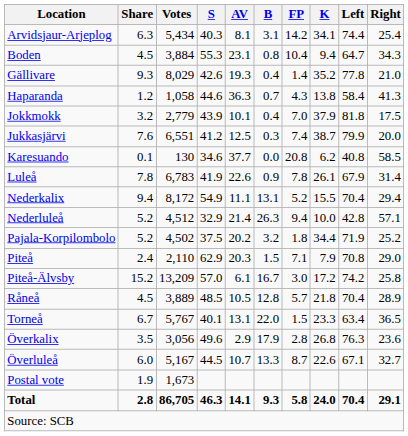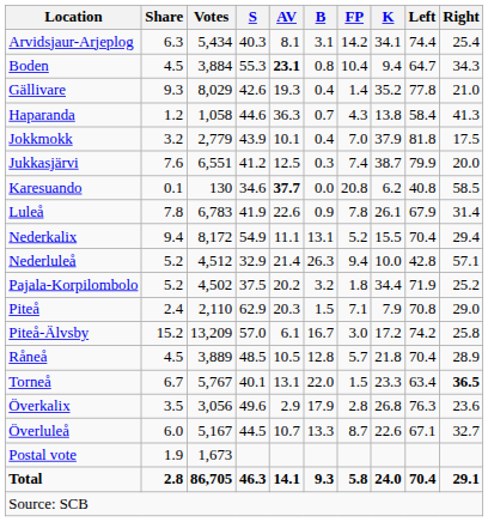 <table class="wikitable sortable" style=text-align:right>
 <tr>
 <th>Location</th>
 <th>Share</th>
 <th>Votes</th>
 <th><a href='#'>S</a></th>
 <th><a href='#'>AV</a></th>
 <th><a href='#'>B</a></th>
 <th><a href='#'>FP</a></th>
 <th><a href='#'>K</a></th>
 <th>Left</th>
 <th>Right</th>
 </tr>
 <tr>
 <td align=left><a href='#'>Arvidsjaur-Arjeplog</a></td>
 <td>6.3</td>
 <td>5,434</td>
 <td>40.3</td>
 <td>8.1</td>
 <td>3.1</td>
 <td>14.2</td>
 <td>34.1</td>
 <td>74.4</td>
 <td>25.4</td>
 </tr>
 <tr>
 <td align=left><a href='#'>Boden</a></td>
 <td>4.5</td>
 <td>3,884</td>
 <td>55.3</td>
-<td>23.1</td>
+<td><strong>23.1</strong></td>
 <td>0.8</td>
 <td>10.4</td>
 <td>9.4</td>
 <td>64.7</td>
 <td>34.3</td>
 </tr>
 <tr>
 <td align=left><a href='#'>Gällivare</a></td>
 <td>9.3</td>
 <td>8,029</td>
 <td>42.6</td>
 <td>19.3</td>
 <td>0.4</td>
 <td>1.4</td>
 <td>35.2</td>
 <td>77.8</td>
 <td>21.0</td>
 </tr>
 <tr>
 <td align=left><a href='#'>Haparanda</a></td>
 <td>1.2</td>
 <td>1,058</td>
 <td>44.6</td>
 <td>36.3</td>
 <td>0.7</td>
 <td>4.3</td>
 <td>13.8</td>
 <td>58.4</td>
 <td>41.3</td>
 </tr>
 <tr>
 <td align=left><a href='#'>Jokkmokk</a></td>
 <td>3.2</td>
 <td>2,779</td>
 <td>43.9</td>
 <td>10.1</td>
 <td>0.4</td>
 <td>7.0</td>
 <td>37.9</td>
 <td>81.8</td>
 <td>17.5</td>
 </tr>
 <tr>
 <td align=left><a href='#'>Jukkasjärvi</a></td>
 <td>7.6</td>
 <td>6,551</td>
 <td>41.2</td>
 <td>12.5</td>
 <td>0.3</td>
 <td>7.4</td>
 <td>38.7</td>
 <td>79.9</td>
 <td>20.0</td>
 </tr>
 <tr>
 <td align=left><a href='#'>Karesuando</a></td>
 <td>0.1</td>
 <td>130</td>
 <td>34.6</td>
-<td>37.7</td>
+<td><strong>37.7</strong></td>
 <td>0.0</td>
 <td>20.8</td>
 <td>6.2</td>
 <td>40.8</td>
 <td>58.5</td>
 </tr>
 <tr>
 <td align=left><a href='#'>Luleå</a></td>
 <td>7.8</td>
 <td>6,783</td>
 <td>41.9</td>
 <td>22.6</td>
 <td>0.9</td>
 <td>7.8</td>
 <td>26.1</td>
 <td>67.9</td>
 <td>31.4</td>
 </tr>
 <tr>
 <td align=left><a href='#'>Nederkalix</a></td>
 <td>9.4</td>
 <td>8,172</td>
 <td>54.9</td>
 <td>11.1</td>
 <td>13.1</td>
 <td>5.2</td>
 <td>15.5</td>
 <td>70.4</td>
 <td>29.4</td>
 </tr>
 <tr>
 <td align=left><a href='#'>Nederluleå</a></td>
 <td>5.2</td>
 <td>4,512</td>
 <td>32.9</td>
 <td>21.4</td>
 <td>26.3</td>
 <td>9.4</td>
 <td>10.0</td>
 <td>42.8</td>
 <td>57.1</td>
 </tr>
 <tr>
 <td align=left><a href='#'>Pajala-Korpilombolo</a></td>
 <td>5.2</td>
 <td>4,502</td>
 <td>37.5</td>
 <td>20.2</td>
 <td>3.2</td>
 <td>1.8</td>
 <td>34.4</td>
 <td>71.9</td>
 <td>25.2</td>
 </tr>
 <tr>
 <td align=left><a href='#'>Piteå</a></td>
 <td>2.4</td>
 <td>2,110</td>
 <td>62.9</td>
 <td>20.3</td>
 <td>1.5</td>
 <td>7.1</td>
 <td>7.9</td>
 <td>70.8</td>
 <td>29.0</td>
 </tr>
 <tr>
 <td align=left><a href='#'>Piteå-Älvsby</a></td>
 <td>15.2</td>
 <td>13,209</td>
 <td>57.0</td>
 <td>6.1</td>
 <td>16.7</td>
 <td>3.0</td>
 <td>17.2</td>
 <td>74.2</td>
 <td>25.8</td>
 </tr>
 <tr>
 <td align=left><a href='#'>Råneå</a></td>
 <td>4.5</td>
 <td>3,889</td>
 <td>48.5</td>
 <td>10.5</td>
 <td>12.8</td>
 <td>5.7</td>
 <td>21.8</td>
 <td>70.4</td>
 <td>28.9</td>
 </tr>
 <tr>
 <td align=left><a href='#'>Torneå</a></td>
 <td>6.7</td>
 <td>5,767</td>
 <td>40.1</td>
 <td>13.1</td>
 <td>22.0</td>
 <td>1.5</td>
 <td>23.3</td>
 <td>63.4</td>
-<td>36.5</td>
+<td><strong>36.5</strong></td>
 </tr>
 <tr>
 <td align=left><a href='#'>Överkalix</a></td>
 <td>3.5</td>
 <td>3,056</td>
 <td>49.6</td>
 <td>2.9</td>
 <td>17.9</td>
 <td>2.8</td>
 <td>26.8</td>
 <td>76.3</td>
 <td>23.6</td>
 </tr>
 <tr>
 <td align=left><a href='#'>Överluleå</a></td>
 <td>6.0</td>
 <td>5,167</td>
 <td>44.5</td>
 <td>10.7</td>
 <td>13.3</td>
 <td>8.7</td>
 <td>22.6</td>
 <td>67.1</td>
 <td>32.7</td>
 </tr>
 <tr>
 <td align=left><a href='#'>Postal vote</a></td>
 <td>1.9</td>
 <td>1,673</td>
 <td></td>
 <td></td>
 <td></td>
 <td></td>
 <td></td>
 <td></td>
 <td></td>
 </tr>
 <tr>
 <td align=left><strong>Total</strong></td>
 <td><strong>2.8</strong></td>
 <td><strong>86,705</strong></td>
 <td><strong>46.3</strong></td>
 <td><strong>14.1</strong></td>
 <td><strong>9.3</strong></td>
 <td><strong>5.8</strong></td>
 <td><strong>24.0</strong></td>
 <td><strong>70.4</strong></td>
 <td><strong>29.1</strong></td>
 </tr>
 <tr>
 <td align=left colspan=10>Source: SCB </td>
 </tr>
 </table>
